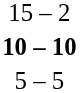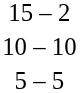 <table style="text-align:center">
 <tr>
 <th width=200></th>
 <th width=100></th>
 <th width=200></th>
 </tr>
 <tr>
 <td align=right><strong></strong></td>
 <td>15 – 2</td>
 <td align=left></td>
 </tr>
 <tr>
 <td align=right><strong></strong></td>
-<td><strong>10 – 10</strong></td>
+<td>10 – 10</td>
 <td align=left><strong></strong></td>
 </tr>
 <tr>
 <td align=right><strong></strong></td>
 <td>5 – 5</td>
 <td align=left><strong></strong></td>
 </tr>
 </table>
